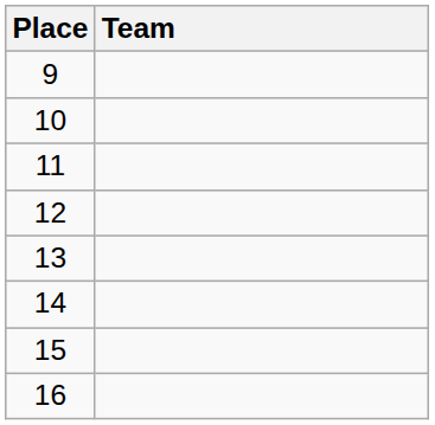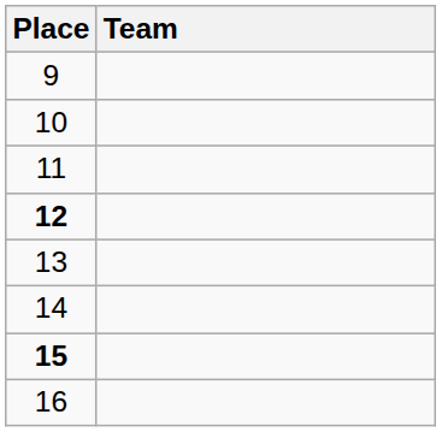 <table class="wikitable" style="text-align:center; padding-bottom:0;">
 <tr>
 <th>Place</th>
 <th style="width:11em; text-align:left;">Team</th>
 </tr>
 <tr>
 <td>9</td>
 <td align=left></td>
 </tr>
 <tr>
 <td>10</td>
 <td align=left></td>
 </tr>
 <tr>
 <td>11</td>
 <td align=left></td>
 </tr>
 <tr>
-<td>12</td>
+<td><strong>12</strong></td>
 <td align=left></td>
 </tr>
 <tr>
 <td>13</td>
 <td align=left></td>
 </tr>
 <tr>
 <td>14</td>
 <td align=left></td>
 </tr>
 <tr>
-<td>15</td>
+<td><strong>15</strong></td>
 <td align=left></td>
 </tr>
 <tr>
 <td>16</td>
 <td align=left></td>
 </tr>
 </table>
